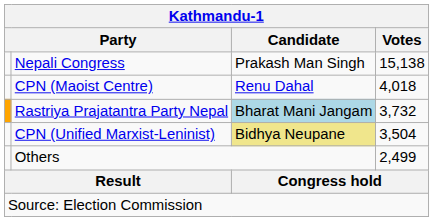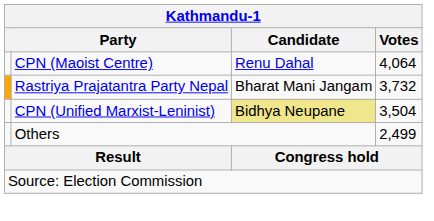 <table class="wikitable">
 <tr>
 <th colspan="4"><a href='#'>Kathmandu-1</a></th>
 </tr>
 <tr>
 <th colspan="2">Party</th>
 <th>Candidate</th>
 <th>Votes</th>
 </tr>
 <tr>
 <td style="background-color:"></td>
-<td><a href='#'>Nepali Congress</a></td>
-<td>Prakash Man Singh</td>
-<td>15,138</td>
-</tr>
-<tr>
-<td style="background-color:"></td>
 <td><a href='#'>CPN (Maoist Centre)</a></td>
 <td><a href='#'>Renu Dahal</a></td>
-<td>4,018</td>
+<td>4,064</td>
 </tr>
 <tr>
 <td style="background-color:orange"></td>
 <td><a href='#'>Rastriya Prajatantra Party Nepal</a></td>
-<td style="background: lightblue;">Bharat Mani Jangam</td>
+<td>Bharat Mani Jangam</td>
 <td>3,732</td>
 </tr>
 <tr>
 <td style="background-color:"></td>
 <td><a href='#'>CPN (Unified Marxist-Leninist)</a></td>
 <td style="background: khaki;">Bidhya Neupane</td>
 <td>3,504</td>
 </tr>
 <tr>
 <td></td>
 <td colspan="2">Others</td>
 <td>2,499</td>
 </tr>
 <tr>
 <th colspan="2">Result</th>
 <th colspan="2">Congress hold</th>
 </tr>
 <tr>
 <td colspan="4">Source: Election Commission</td>
 </tr>
 </table>
